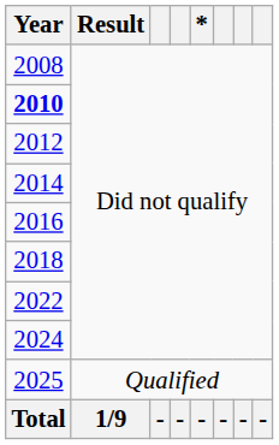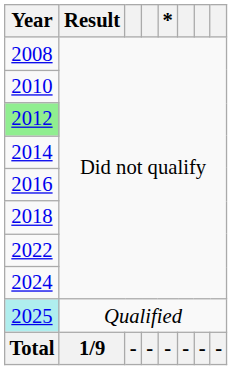 <table class="wikitable" style="text-align: center;">
 <tr>
 <th scope="col">Year</th>
 <th scope="col">Result</th>
 <th scope="col"></th>
 <th scope="col"></th>
 <th scope="col">*</th>
 <th scope="col"></th>
 <th scope="col"></th>
 <th scope="col"></th>
 </tr>
 <tr>
 <td> <a href='#'>2008</a></td>
 <td rowspan=8 colspan=7>Did not qualify</td>
 </tr>
 <tr>
-<td><strong> <a href='#'>2010</a></strong></td>
+<td> <a href='#'>2010</a></td>
 </tr>
 <tr>
-<td> <a href='#'>2012</a></td>
+<td style="background: lightgreen;"> <a href='#'>2012</a></td>
 </tr>
 <tr>
 <td> <a href='#'>2014</a></td>
 </tr>
 <tr>
 <td> <a href='#'>2016</a></td>
 </tr>
 <tr>
 <td> <a href='#'>2018</a></td>
 </tr>
 <tr>
 <td> <a href='#'>2022</a></td>
 </tr>
 <tr>
 <td> <a href='#'>2024</a></td>
 </tr>
 <tr>
-<td> <a href='#'>2025</a></td>
+<td style="background: paleturquoise;"> <a href='#'>2025</a></td>
 <td colspan=7><em>Qualified</em></td>
 </tr>
 <tr>
 <th>Total</th>
 <th>1/9</th>
 <th>-</th>
 <th>-</th>
 <th>-</th>
 <th>-</th>
 <th>-</th>
 <th>-</th>
 </tr>
 </table>
